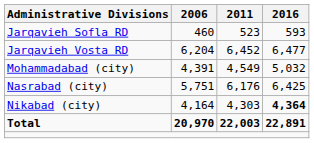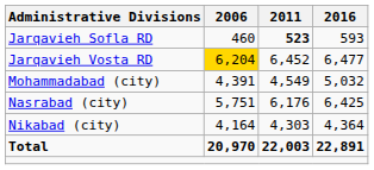 <table class="wikitable">
 <tr>
 <th>Administrative Divisions</th>
 <th>2006</th>
 <th>2011</th>
 <th>2016</th>
 </tr>
 <tr>
 <td><a href='#'>Jarqavieh Sofla RD</a></td>
 <td style="text-align: right;">460</td>
-<td style="text-align: right;">523</td>
+<td style="text-align: right;"><strong>523</strong></td>
 <td style="text-align: right;">593</td>
 </tr>
 <tr>
 <td><a href='#'>Jarqavieh Vosta RD</a></td>
-<td style="text-align: right;">6,204</td>
+<td style="background: gold; text-align: right;">6,204</td>
 <td style="text-align: right;">6,452</td>
 <td style="text-align: right;">6,477</td>
 </tr>
 <tr>
 <td><a href='#'>Mohammadabad</a> (city)</td>
 <td style="text-align: right;">4,391</td>
 <td style="text-align: right;">4,549</td>
 <td style="text-align: right;">5,032</td>
 </tr>
 <tr>
 <td><a href='#'>Nasrabad</a> (city)</td>
 <td style="text-align: right;">5,751</td>
 <td style="text-align: right;">6,176</td>
 <td style="text-align: right;">6,425</td>
 </tr>
 <tr>
 <td><a href='#'>Nikabad</a> (city)</td>
 <td style="text-align: right;">4,164</td>
 <td style="text-align: right;">4,303</td>
-<td style="text-align: right;"><strong>4,364</strong></td>
+<td style="text-align: right;">4,364</td>
 </tr>
 <tr>
 <td><strong>Total</strong></td>
 <td style="text-align: right;"><strong>20,970</strong></td>
 <td style="text-align: right;"><strong>22,003</strong></td>
 <td style="text-align: right;"><strong>22,891</strong></td>
 </tr>
 <tr>
 <td colspan=4></td>
 </tr>
 </table>
